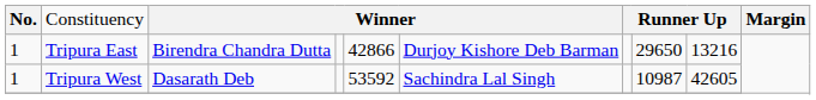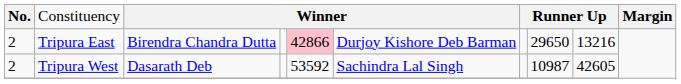 <table class="wikitable sortable">
 <tr>
 <th>No.</th>
 <td>Constituency</td>
 <th colspan="4">Winner</th>
 <th colspan="4">Runner Up</th>
 <th rowspan="1">Margin</th>
 </tr>
 <tr>
-<td>1</td>
+<td>2</td>
 <td><a href='#'>Tripura East</a></td>
 <td><a href='#'>Birendra Chandra Dutta</a></td>
 <td></td>
-<td>42866</td>
+<td style="background: pink;">42866</td>
 <td><a href='#'>Durjoy Kishore Deb Barman</a></td>
 <td></td>
 <td>29650</td>
 <td style="background:">13216</td>
 </tr>
 <tr>
-<td>1</td>
+<td>2</td>
 <td><a href='#'>Tripura West</a></td>
 <td><a href='#'>Dasarath Deb</a></td>
 <td></td>
 <td>53592</td>
 <td><a href='#'>Sachindra Lal Singh</a></td>
 <td></td>
 <td>10987</td>
 <td style="background:">42605</td>
 </tr>
 <tr>
 </tr>
 </table>
